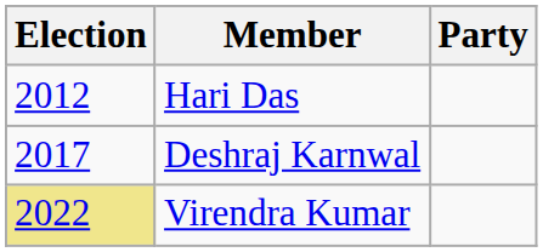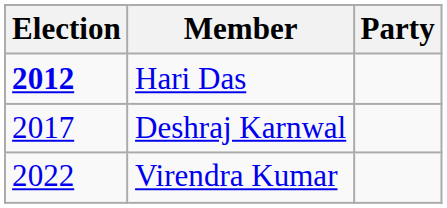 <table class="wikitable sortable">
 <tr>
 <th>Election</th>
 <th>Member</th>
 <th colspan=2>Party</th>
 </tr>
 <tr>
-<td><a href='#'>2012</a></td>
+<td><strong><a href='#'>2012</a></strong></td>
 <td><a href='#'>Hari Das</a></td>
 <td></td>
 </tr>
 <tr>
 <td><a href='#'>2017</a></td>
 <td><a href='#'>Deshraj Karnwal</a></td>
 <td></td>
 </tr>
 <tr>
-<td style="background: khaki;"><a href='#'>2022</a></td>
+<td><a href='#'>2022</a></td>
 <td><a href='#'>Virendra Kumar</a></td>
 <td></td>
 </tr>
 </table>
